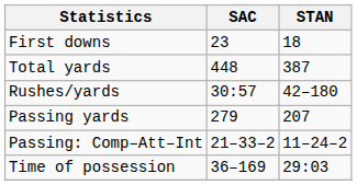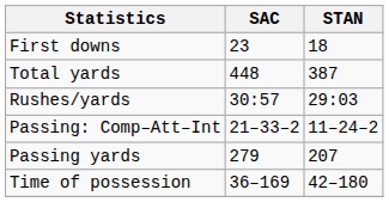 <table class="wikitable" style="float: left;">
 <tr>
 <th>Statistics</th>
 <th>SAC</th>
 <th>STAN</th>
 </tr>
 <tr>
 <td>First downs</td>
 <td>23</td>
 <td>18</td>
 </tr>
 <tr>
 <td>Total yards</td>
 <td>448</td>
 <td>387</td>
 </tr>
 <tr>
 <td>Rushes/yards</td>
 <td>30:57</td>
-<td>42–180</td>
+<td>29:03</td>
+</tr>
+<tr>
+<td>Passing: Comp–Att–Int</td>
+<td>21–33–2</td>
+<td>11–24–2</td>
 </tr>
 <tr>
 <td>Passing yards</td>
 <td>279</td>
 <td>207</td>
 </tr>
 <tr>
-<td>Passing: Comp–Att–Int</td>
-<td>21–33–2</td>
-<td>11–24–2</td>
-</tr>
-<tr>
 <td>Time of possession</td>
 <td>36–169</td>
-<td>29:03</td>
+<td>42–180</td>
 </tr>
 <tr>
 </tr>
 </table>
